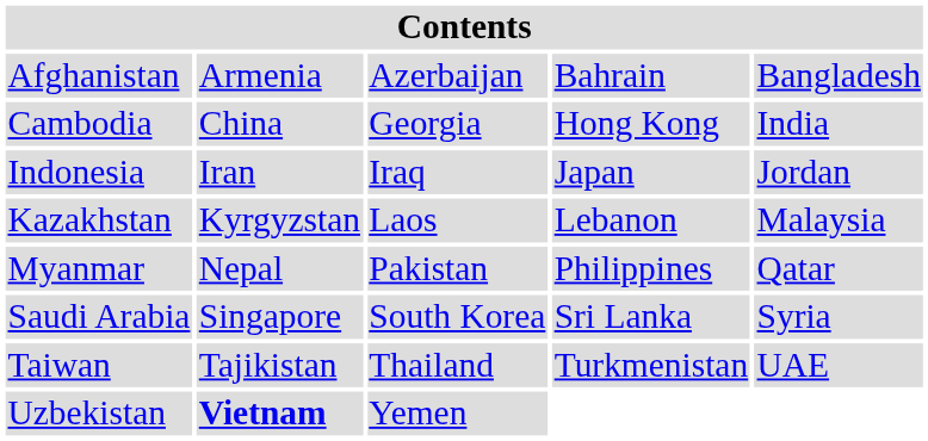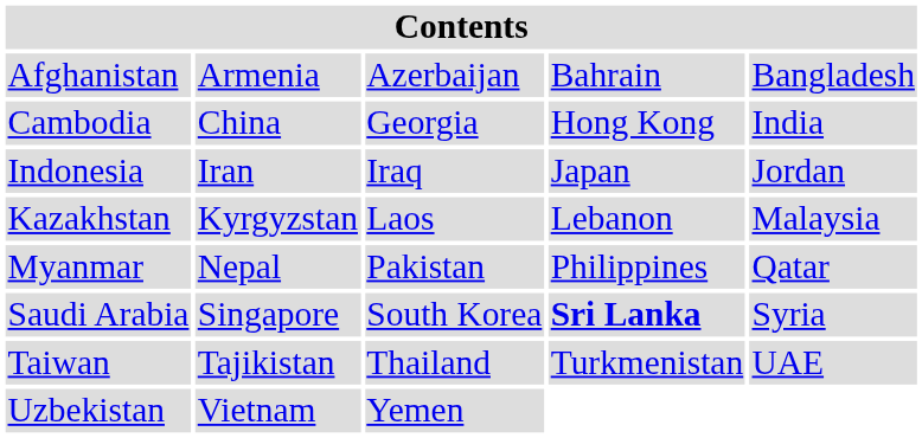 <table>
 <tr>
 <th style="background:#dddddd;" align=center colspan=5>Contents</th>
 </tr>
 <tr>
 <td style="background:#dddddd;"><a href='#'>Afghanistan</a></td>
 <td style="background:#dddddd;"><a href='#'>Armenia</a></td>
 <td style="background:#dddddd;"><a href='#'>Azerbaijan</a></td>
 <td style="background:#dddddd;"><a href='#'>Bahrain</a></td>
 <td style="background:#dddddd;"><a href='#'>Bangladesh</a></td>
 </tr>
 <tr>
 <td style="background:#dddddd;"><a href='#'>Cambodia</a></td>
 <td style="background:#dddddd;"><a href='#'>China</a></td>
 <td style="background:#dddddd;"><a href='#'>Georgia</a></td>
 <td style="background:#dddddd;"><a href='#'>Hong Kong</a></td>
 <td style="background:#dddddd;"><a href='#'>India</a></td>
 </tr>
 <tr>
 <td style="background:#dddddd;"><a href='#'>Indonesia</a></td>
 <td style="background:#dddddd;"><a href='#'>Iran</a></td>
 <td style="background:#dddddd;"><a href='#'>Iraq</a></td>
 <td style="background:#dddddd;"><a href='#'>Japan</a></td>
 <td style="background:#dddddd;"><a href='#'>Jordan</a></td>
 </tr>
 <tr>
 <td style="background:#dddddd;"><a href='#'>Kazakhstan</a></td>
 <td style="background:#dddddd;"><a href='#'>Kyrgyzstan</a></td>
 <td style="background:#dddddd;"><a href='#'>Laos</a></td>
 <td style="background:#dddddd;"><a href='#'>Lebanon</a></td>
 <td style="background:#dddddd;"><a href='#'>Malaysia</a></td>
 </tr>
 <tr>
 <td style="background:#dddddd;"><a href='#'>Myanmar</a></td>
 <td style="background:#dddddd;"><a href='#'>Nepal</a></td>
 <td style="background:#dddddd;"><a href='#'>Pakistan</a></td>
 <td style="background:#dddddd;"><a href='#'>Philippines</a></td>
 <td style="background:#dddddd;"><a href='#'>Qatar</a></td>
 </tr>
 <tr>
 <td style="background:#dddddd;"><a href='#'>Saudi Arabia</a></td>
 <td style="background:#dddddd;"><a href='#'>Singapore</a></td>
 <td style="background:#dddddd;"><a href='#'>South Korea</a></td>
-<td style="background:#dddddd;"><a href='#'>Sri Lanka</a></td>
+<td style="background:#dddddd;"><strong><a href='#'>Sri Lanka</a></strong></td>
 <td style="background:#dddddd;"><a href='#'>Syria</a></td>
 </tr>
 <tr>
 <td style="background:#dddddd;"><a href='#'>Taiwan</a></td>
 <td style="background:#dddddd;"><a href='#'>Tajikistan</a></td>
 <td style="background:#dddddd;"><a href='#'>Thailand</a></td>
 <td style="background:#dddddd;"><a href='#'>Turkmenistan</a></td>
 <td style="background:#dddddd;"><a href='#'>UAE</a></td>
 </tr>
 <tr>
 <td style="background:#dddddd;"><a href='#'>Uzbekistan</a></td>
-<td style="background:#dddddd;"><strong><a href='#'>Vietnam</a></strong></td>
+<td style="background:#dddddd;"><a href='#'>Vietnam</a></td>
 <td style="background:#dddddd;"><a href='#'>Yemen</a></td>
 <td colspan="5"; align="center"></td>
 </tr>
 </table>
